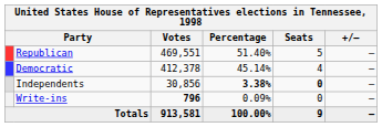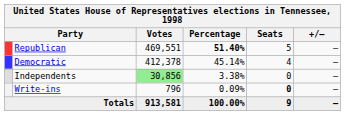 <table class="wikitable" style="font-size: 95%;">
 <tr>
 <th colspan="6">United States House of Representatives elections in Tennessee, 1998</th>
 </tr>
 <tr>
 <th colspan="2" style="width: 15em">Party</th>
 <th style="width: 5em">Votes</th>
 <th style="width: 7em">Percentage</th>
 <th style="width: 5em">Seats</th>
 <th style="width: 5em">+/–</th>
 </tr>
 <tr>
 <th style="background-color:#FF3333; width: 3px"></th>
 <td style="width: 130px"><a href='#'>Republican</a></td>
 <td align="right">469,551</td>
-<td align="right">51.40%</td>
+<td align="right"><strong>51.40%</strong></td>
 <td align="right">5</td>
 <td align="right">—</td>
 </tr>
 <tr>
 <th style="background-color:#3333FF; width: 3px"></th>
 <td style="width: 130px"><a href='#'>Democratic</a></td>
 <td align="right">412,378</td>
 <td align="right">45.14%</td>
 <td align="right">4</td>
 <td align="right">—</td>
 </tr>
 <tr>
 <th style="background-color:#DDDDDD; width: 3px"></th>
 <td style="width: 130px">Independents</td>
-<td align="right">30,856</td>
-<td align="right"><strong>3.38%</strong></td>
-<td align="right"><strong>0</strong></td>
+<td align="right" style="background: lightgreen;">30,856</td>
+<td align="right">3.38%</td>
+<td align="right">0</td>
 <td align="right">—</td>
 </tr>
 <tr>
 <th></th>
 <td><a href='#'>Write-ins</a></td>
-<td align="right"><strong>796</strong></td>
+<td align="right">796</td>
 <td align="right">0.09%</td>
-<td align="right">0</td>
+<td align="right"><strong>0</strong></td>
 <td align="right">—</td>
 </tr>
 <tr bgcolor="#EEEEEE">
 <td colspan="2" align="right"><strong>Totals</strong></td>
 <td align="right"><strong>913,581</strong></td>
 <td align="right"><strong>100.00%</strong></td>
 <td align="right"><strong>9</strong></td>
 <td align="right"><strong>—</strong></td>
 </tr>
 </table>
